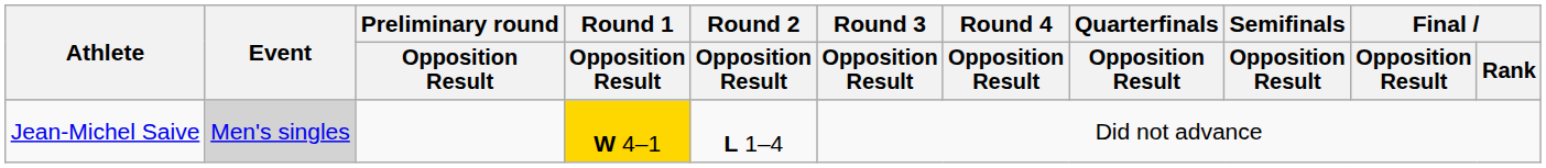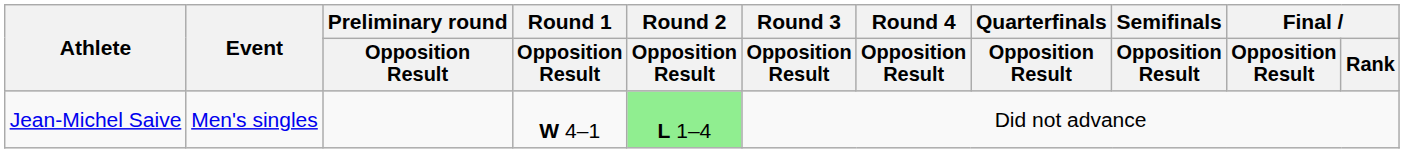 <table class="wikitable" style="font-size:90%">
 <tr>
 <th rowspan="2">Athlete</th>
 <th rowspan="2">Event</th>
 <th>Preliminary round</th>
 <th>Round 1</th>
 <th>Round 2</th>
 <th>Round 3</th>
 <th>Round 4</th>
 <th>Quarterfinals</th>
 <th>Semifinals</th>
 <th colspan=2>Final / </th>
 </tr>
 <tr style="font-size:95%">
 <th>Opposition<br>Result</th>
 <th>Opposition<br>Result</th>
 <th>Opposition<br>Result</th>
 <th>Opposition<br>Result</th>
 <th>Opposition<br>Result</th>
 <th>Opposition<br>Result</th>
 <th>Opposition<br>Result</th>
 <th>Opposition<br>Result</th>
 <th>Rank</th>
 </tr>
 <tr align=center>
 <td align=left><a href='#'>Jean-Michel Saive</a></td>
-<td align=left style="background: lightgrey;"><a href='#'>Men's singles</a></td>
+<td align=left><a href='#'>Men's singles</a></td>
 <td></td>
-<td style="background: gold;"><br><strong>W</strong> 4–1</td>
-<td><br><strong>L</strong> 1–4</td>
+<td><br><strong>W</strong> 4–1</td>
+<td style="background: lightgreen;"><br><strong>L</strong> 1–4</td>
 <td colspan=6>Did not advance</td>
 </tr>
 </table>
